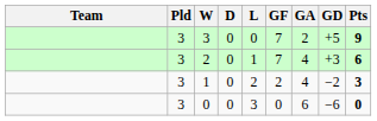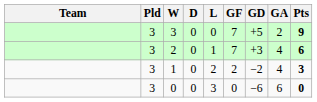 <table class="wikitable" style="text-align:center;">
 <tr>
 <th width=180>Team</th>
 <th width=20>Pld</th>
 <th width=20>W</th>
 <th width=20>D</th>
 <th width=20>L</th>
 <th width=20>GF</th>
+<th width=20>GD</th>
 <th width=20>GA</th>
-<th width=20>GD</th>
 <th width=20>Pts</th>
 </tr>
 <tr bgcolor=ccffcc>
 <td align="left"><em></em></td>
 <td>3</td>
 <td>3</td>
 <td>0</td>
 <td>0</td>
 <td>7</td>
+<td>+5</td>
 <td>2</td>
-<td>+5</td>
 <td><strong>9</strong></td>
 </tr>
 <tr bgcolor=ccffcc>
 <td align="left"></td>
 <td>3</td>
 <td>2</td>
 <td>0</td>
 <td>1</td>
 <td>7</td>
+<td>+3</td>
 <td>4</td>
-<td>+3</td>
 <td><strong>6</strong></td>
 </tr>
 <tr>
 <td align="left"></td>
 <td>3</td>
 <td>1</td>
 <td>0</td>
 <td>2</td>
 <td>2</td>
+<td>−2</td>
 <td>4</td>
-<td>−2</td>
 <td><strong>3</strong></td>
 </tr>
 <tr>
 <td align="left"></td>
 <td>3</td>
 <td>0</td>
 <td>0</td>
 <td>3</td>
 <td>0</td>
+<td>−6</td>
 <td>6</td>
-<td>−6</td>
 <td><strong>0</strong></td>
 </tr>
 </table>
